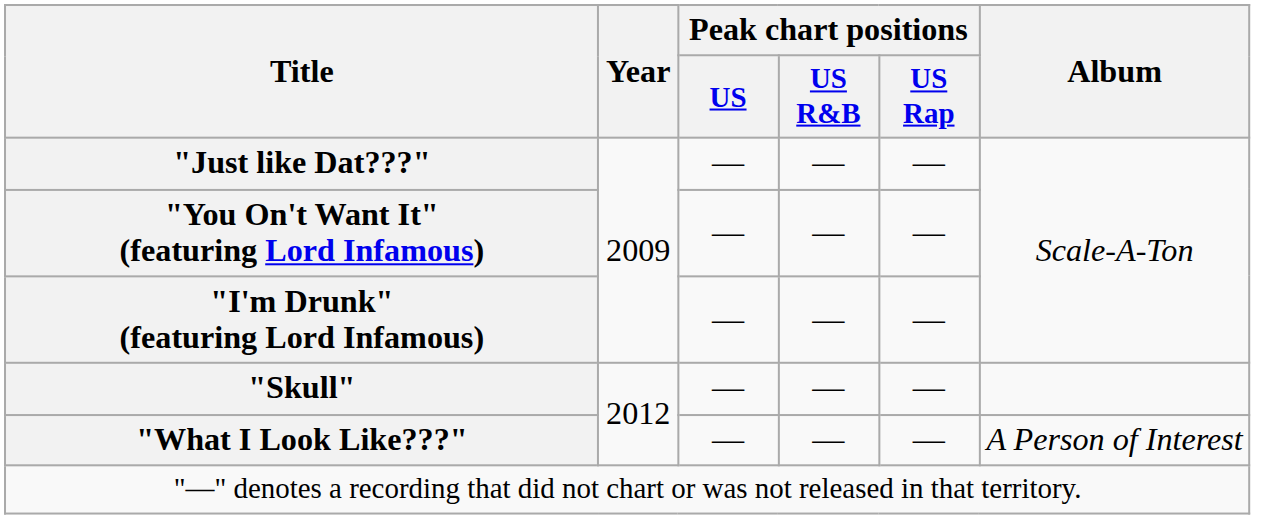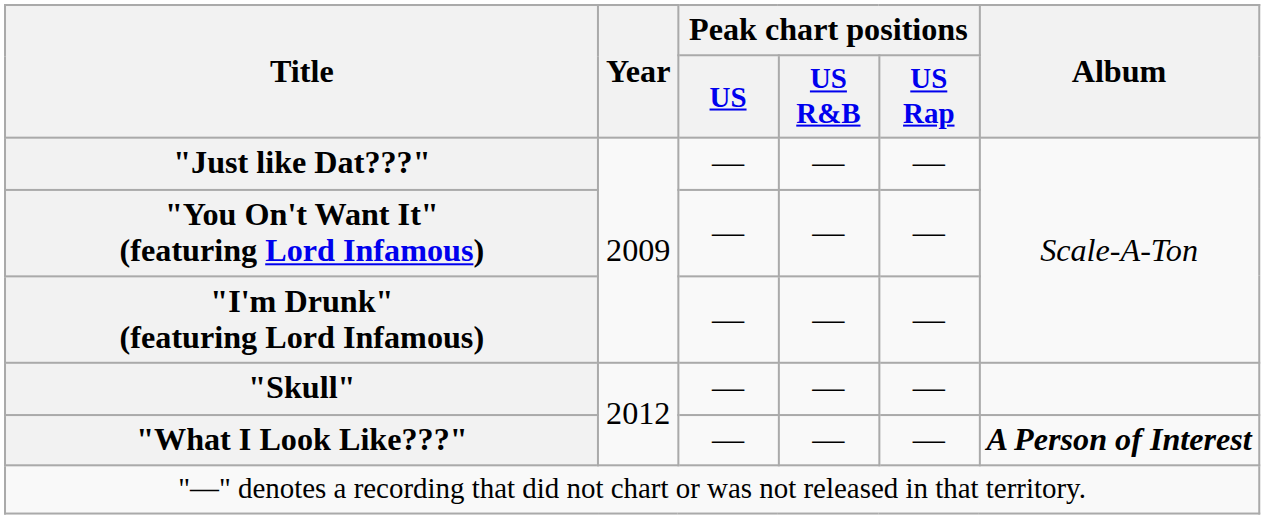 <table class="wikitable plainrowheaders" style="text-align:center;">
 <tr>
 <th scope="col" rowspan="2" style="width:18em;">Title</th>
 <th scope="col" rowspan="2">Year</th>
 <th scope="col" colspan="3">Peak chart positions</th>
 <th scope="col" rowspan="2">Album</th>
 </tr>
 <tr>
 <th scope="col" style="width:3em;font-size:90%;"><a href='#'>US</a><br></th>
 <th scope="col" style="width:3em;font-size:90%;"><a href='#'>US<br>R&B</a><br></th>
 <th scope="col" style="width:3em;font-size:90%;"><a href='#'>US<br>Rap</a><br></th>
 </tr>
 <tr>
 <th scope="row">"Just like Dat???"</th>
 <td rowspan="3">2009</td>
 <td>—</td>
 <td>—</td>
 <td>—</td>
 <td rowspan="3"><em>Scale-A-Ton</em></td>
 </tr>
 <tr>
 <th scope="row">"You On't Want It"<br><span>(featuring <a href='#'>Lord Infamous</a>)</span></th>
 <td>—</td>
 <td>—</td>
 <td>—</td>
 </tr>
 <tr>
 <th scope="row">"I'm Drunk"<br><span>(featuring Lord Infamous)</span></th>
 <td>—</td>
 <td>—</td>
 <td>—</td>
 </tr>
 <tr>
 <th scope="row">"Skull"</th>
 <td rowspan="2">2012</td>
 <td>—</td>
 <td>—</td>
 <td>—</td>
 <td></td>
 </tr>
 <tr>
 <th scope="row">"What I Look Like???"</th>
 <td>—</td>
 <td>—</td>
 <td>—</td>
-<td><em>A Person of Interest</em></td>
+<td><strong><em>A Person of Interest</em></strong></td>
 </tr>
 <tr>
 <td colspan="6" style="font-size:90%">"—" denotes a recording that did not chart or was not released in that territory.</td>
 </tr>
 </table>
